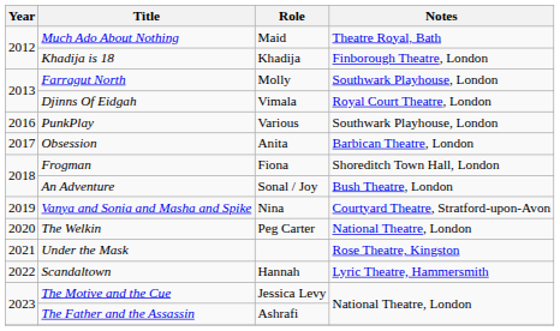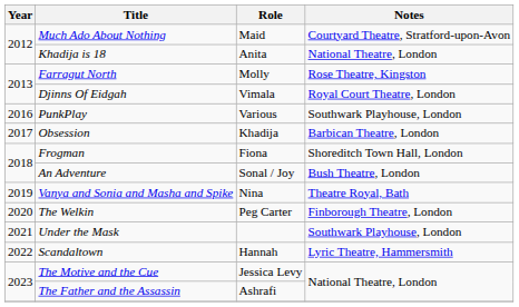 <table class="wikitable sortable">
 <tr>
 <th>Year</th>
 <th>Title</th>
 <th>Role</th>
 <th class="unsortable">Notes</th>
 </tr>
 <tr>
 <td rowspan="2">2012</td>
 <td><em><a href='#'>Much Ado About Nothing</a></em></td>
 <td>Maid</td>
-<td><a href='#'>Theatre Royal, Bath</a></td>
+<td><a href='#'>Courtyard Theatre</a>, Stratford-upon-Avon</td>
 </tr>
 <tr>
 <td><em>Khadija is 18</em></td>
-<td>Khadija</td>
-<td><a href='#'>Finborough Theatre</a>, London</td>
+<td>Anita</td>
+<td><a href='#'>National Theatre</a>, London</td>
 </tr>
 <tr>
 <td rowspan="2">2013</td>
 <td><em><a href='#'>Farragut North</a></em></td>
 <td>Molly</td>
-<td><a href='#'>Southwark Playhouse</a>, London</td>
+<td><a href='#'>Rose Theatre, Kingston</a></td>
 </tr>
 <tr>
 <td><em>Djinns Of Eidgah</em></td>
 <td>Vimala</td>
 <td><a href='#'>Royal Court Theatre</a>, London</td>
 </tr>
 <tr>
 <td>2016</td>
 <td><em>PunkPlay</em></td>
 <td>Various</td>
 <td>Southwark Playhouse, London</td>
 </tr>
 <tr>
 <td>2017</td>
 <td><em>Obsession</em></td>
-<td>Anita</td>
+<td>Khadija</td>
 <td><a href='#'>Barbican Theatre</a>, London</td>
 </tr>
 <tr>
 <td rowspan="2">2018</td>
 <td><em>Frogman</em></td>
 <td>Fiona</td>
 <td>Shoreditch Town Hall, London</td>
 </tr>
 <tr>
 <td><em>An Adventure</em></td>
 <td>Sonal / Joy</td>
 <td><a href='#'>Bush Theatre</a>, London</td>
 </tr>
 <tr>
 <td>2019</td>
 <td><em><a href='#'>Vanya and Sonia and Masha and Spike</a></em></td>
 <td>Nina</td>
-<td><a href='#'>Courtyard Theatre</a>, Stratford-upon-Avon</td>
+<td><a href='#'>Theatre Royal, Bath</a></td>
 </tr>
 <tr>
 <td>2020</td>
 <td><em>The Welkin</em></td>
 <td>Peg Carter</td>
-<td><a href='#'>National Theatre</a>, London</td>
+<td><a href='#'>Finborough Theatre</a>, London</td>
 </tr>
 <tr>
 <td>2021</td>
 <td><em>Under the Mask</em></td>
 <td></td>
-<td><a href='#'>Rose Theatre, Kingston</a></td>
+<td><a href='#'>Southwark Playhouse</a>, London</td>
 </tr>
 <tr>
 <td>2022</td>
 <td><em>Scandaltown</em></td>
 <td>Hannah</td>
 <td><a href='#'>Lyric Theatre, Hammersmith</a></td>
 </tr>
 <tr>
 <td rowspan="2">2023</td>
 <td><em><a href='#'>The Motive and the Cue</a></em></td>
 <td>Jessica Levy</td>
 <td rowspan="2">National Theatre, London</td>
 </tr>
 <tr>
 <td><em><a href='#'>The Father and the Assassin</a></em></td>
 <td>Ashrafi</td>
 </tr>
 <tr>
 </tr>
 </table>
